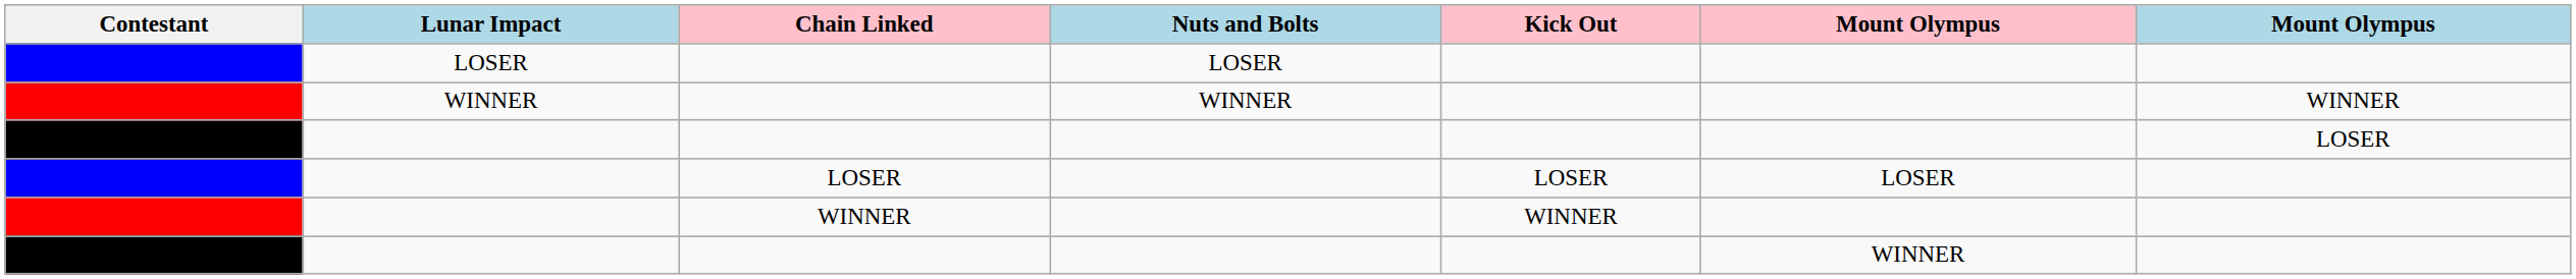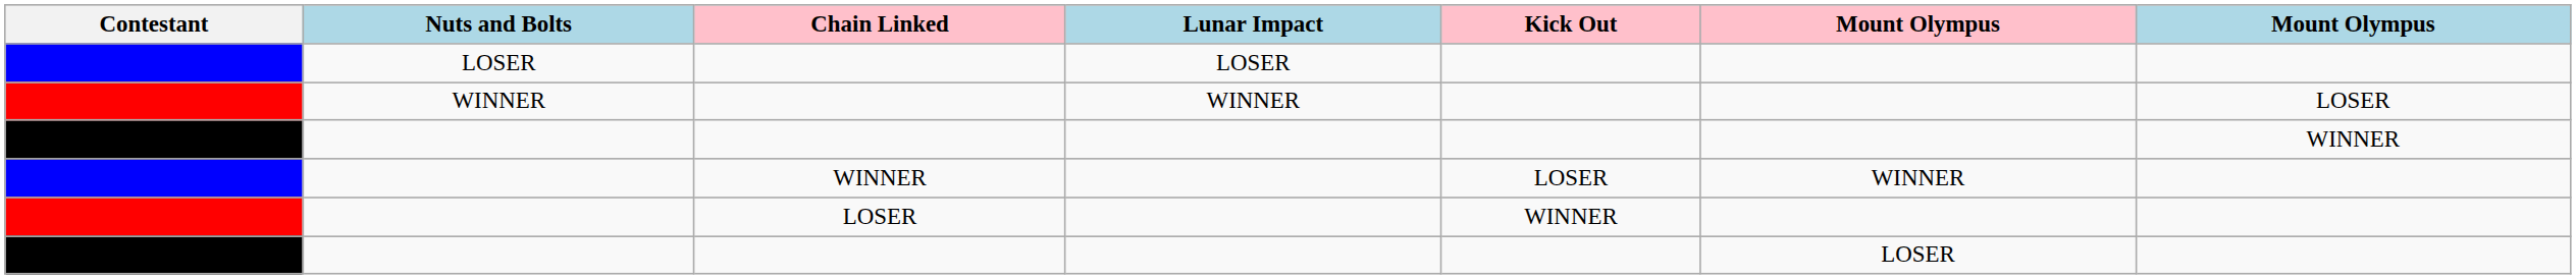 <table class="wikitable" style="text-align:center; font-size:90%; width:100%">
 <tr>
 <th>Contestant</th>
+<th style="background:lightblue;">Nuts and Bolts</th>
+<th style="background:pink;">Chain Linked</th>
 <th style="background:lightblue;">Lunar Impact</th>
-<th style="background:pink;">Chain Linked</th>
-<th style="background:lightblue;">Nuts and Bolts</th>
 <th style="background:pink;">Kick Out</th>
 <th style="background:pink;">Mount Olympus</th>
 <th style="background:lightblue;">Mount Olympus</th>
 </tr>
 <tr>
 <td style="background:blue;"></td>
 <td>LOSER</td>
 <td></td>
 <td>LOSER</td>
 <td></td>
 <td></td>
 <td></td>
 </tr>
 <tr>
 <td style="background:red;"></td>
 <td>WINNER</td>
 <td></td>
 <td>WINNER</td>
 <td></td>
 <td></td>
-<td>WINNER</td>
+<td>LOSER</td>
 </tr>
 <tr>
 <td style="background:black;"></td>
 <td></td>
 <td></td>
 <td></td>
 <td></td>
 <td></td>
-<td>LOSER</td>
+<td>WINNER</td>
 </tr>
 <tr>
 <td style="background:blue;"></td>
 <td></td>
-<td>LOSER</td>
+<td>WINNER</td>
 <td></td>
 <td>LOSER</td>
-<td>LOSER</td>
+<td>WINNER</td>
 <td></td>
 </tr>
 <tr>
 <td style="background:red;"></td>
 <td></td>
-<td>WINNER</td>
+<td>LOSER</td>
 <td></td>
 <td>WINNER</td>
 <td></td>
 <td></td>
 </tr>
 <tr>
 <td style="background:black;"></td>
 <td></td>
 <td></td>
 <td></td>
 <td></td>
-<td>WINNER</td>
+<td>LOSER</td>
 <td></td>
 </tr>
 </table>
